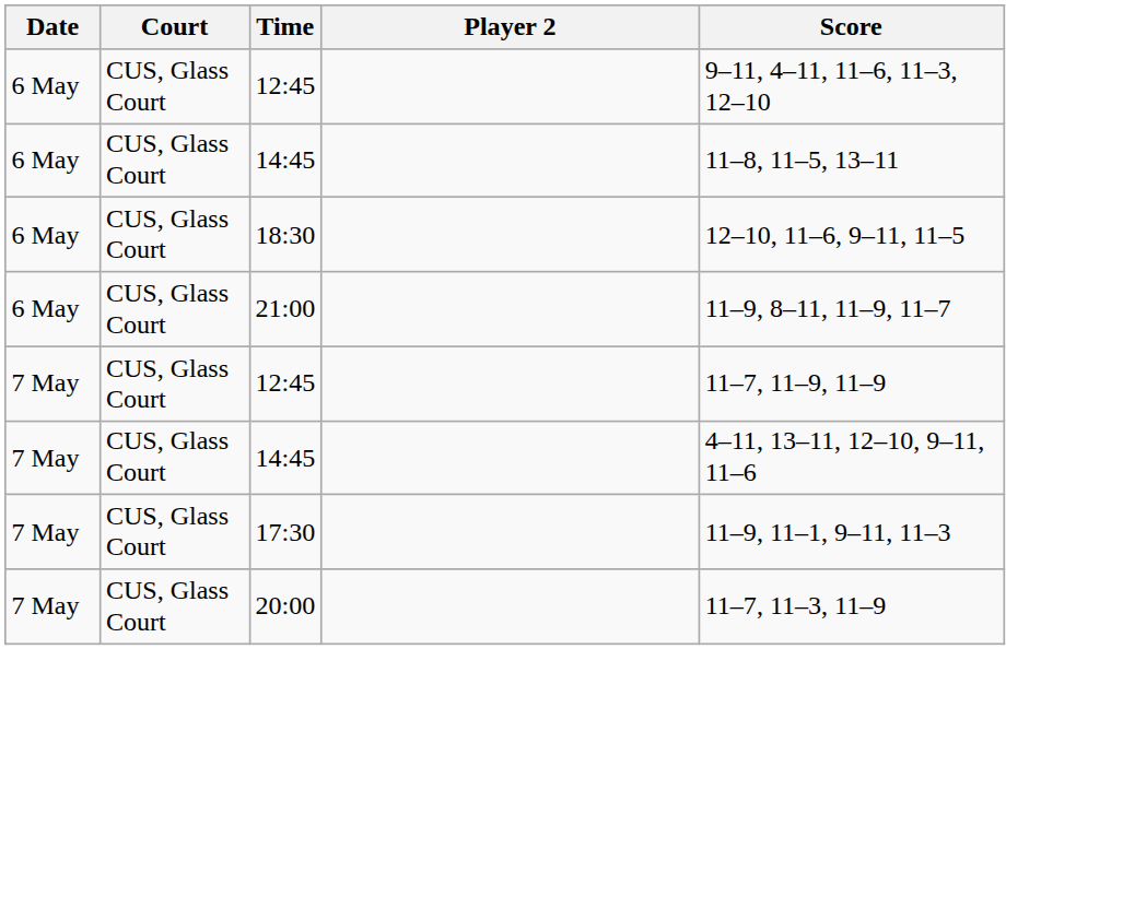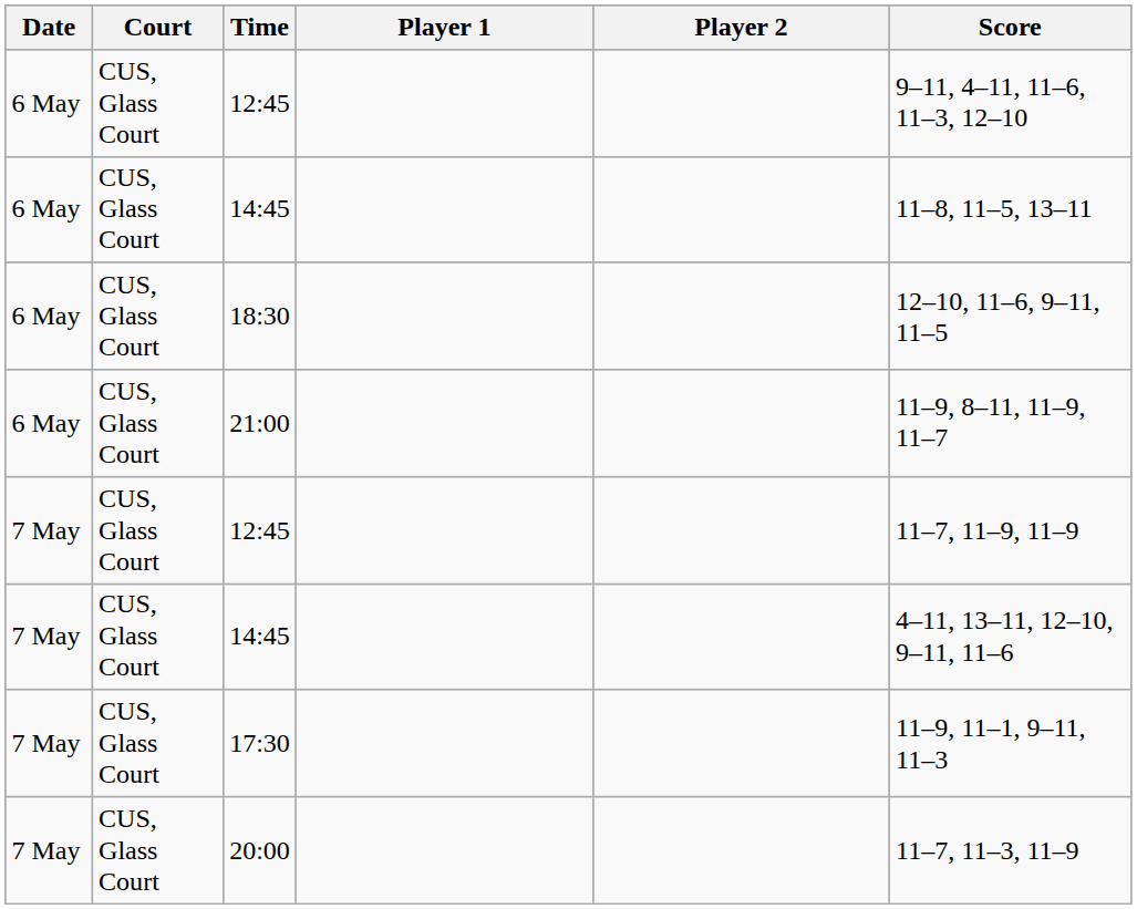 <table class="sortable wikitable" style="font-size:90%">
 <tr>
 <th width="45" class="unsortable">Date</th>
 <th width="75">Court</th>
 <th width="30">Time</th>
+<th width="200">Player 1</th>
 <th width="200">Player 2</th>
 <th width="160" class="unsortable">Score</th>
 </tr>
 <tr>
 <td>6 May</td>
 <td>CUS, Glass Court</td>
 <td>12:45</td>
+<td></td>
 <td><strong></strong></td>
 <td>9–11, 4–11, 11–6, 11–3, 12–10</td>
 </tr>
 <tr>
 <td>6 May</td>
 <td>CUS, Glass Court</td>
 <td>14:45</td>
+<td><strong></strong></td>
 <td></td>
 <td>11–8, 11–5, 13–11</td>
 </tr>
 <tr>
 <td>6 May</td>
 <td>CUS, Glass Court</td>
 <td>18:30</td>
+<td><strong></strong></td>
 <td></td>
 <td>12–10, 11–6, 9–11, 11–5</td>
 </tr>
 <tr>
 <td>6 May</td>
 <td>CUS, Glass Court</td>
 <td>21:00</td>
+<td><strong></strong></td>
 <td></td>
 <td>11–9, 8–11, 11–9, 11–7</td>
 </tr>
 <tr>
 <td>7 May</td>
 <td>CUS, Glass Court</td>
 <td>12:45</td>
+<td><strong></strong></td>
 <td></td>
 <td>11–7, 11–9, 11–9</td>
 </tr>
 <tr>
 <td>7 May</td>
 <td>CUS, Glass Court</td>
 <td>14:45</td>
+<td></td>
 <td><strong></strong></td>
 <td>4–11, 13–11, 12–10, 9–11, 11–6</td>
 </tr>
 <tr>
 <td>7 May</td>
 <td>CUS, Glass Court</td>
 <td>17:30</td>
+<td></td>
 <td><strong></strong></td>
 <td>11–9, 11–1, 9–11, 11–3</td>
 </tr>
 <tr>
 <td>7 May</td>
 <td>CUS, Glass Court</td>
 <td>20:00</td>
+<td></td>
 <td><strong></strong></td>
 <td>11–7, 11–3, 11–9</td>
 </tr>
 </table>
